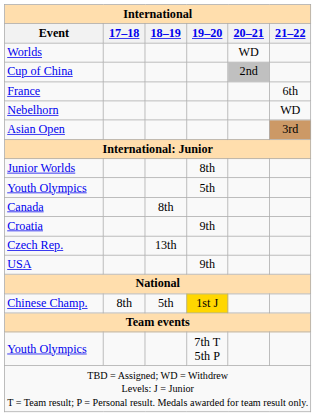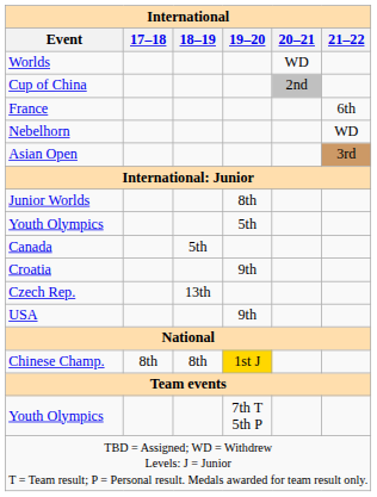 <table class="wikitable" style="text-align:center">
 <tr>
 <th style="background-color: #ffdead; " colspan=7 align=center>International</th>
 </tr>
 <tr>
 <th>Event</th>
 <th><a href='#'>17–18</a></th>
 <th><a href='#'>18–19</a></th>
 <th><a href='#'>19–20</a></th>
 <th><a href='#'>20–21</a></th>
 <th><a href='#'>21–22</a></th>
 </tr>
 <tr>
 <td align=left><a href='#'>Worlds</a></td>
 <td></td>
 <td></td>
 <td></td>
 <td>WD</td>
 <td></td>
 </tr>
 <tr>
 <td align=left> <a href='#'>Cup of China</a></td>
 <td></td>
 <td></td>
 <td></td>
 <td bgcolor=silver>2nd</td>
 <td></td>
 </tr>
 <tr>
 <td align=left> <a href='#'>France</a></td>
 <td></td>
 <td></td>
 <td></td>
 <td></td>
 <td>6th</td>
 </tr>
 <tr>
 <td align=left> <a href='#'>Nebelhorn</a></td>
 <td></td>
 <td></td>
 <td></td>
 <td></td>
 <td>WD</td>
 </tr>
 <tr>
 <td align=left> <a href='#'>Asian Open</a></td>
 <td></td>
 <td></td>
 <td></td>
 <td></td>
 <td bgcolor=cc9966>3rd</td>
 </tr>
 <tr>
 <th style="background-color: #ffdead; " colspan=7 align=center>International: Junior</th>
 </tr>
 <tr>
 <td align=left><a href='#'>Junior Worlds</a></td>
 <td></td>
 <td></td>
 <td>8th</td>
 <td></td>
 <td></td>
 </tr>
 <tr>
 <td align=left><a href='#'>Youth Olympics</a></td>
 <td></td>
 <td></td>
 <td>5th</td>
 <td></td>
 <td></td>
 </tr>
 <tr>
 <td align=left> <a href='#'>Canada</a></td>
 <td></td>
-<td>8th</td>
+<td>5th</td>
 <td></td>
 <td></td>
 <td></td>
 </tr>
 <tr>
 <td align=left> <a href='#'>Croatia</a></td>
 <td></td>
 <td></td>
 <td>9th</td>
 <td></td>
 <td></td>
 </tr>
 <tr>
 <td align=left> <a href='#'>Czech Rep.</a></td>
 <td></td>
 <td>13th</td>
 <td></td>
 <td></td>
 <td></td>
 </tr>
 <tr>
 <td align=left> <a href='#'>USA</a></td>
 <td></td>
 <td></td>
 <td>9th</td>
 <td></td>
 <td></td>
 </tr>
 <tr>
 <th style="background-color: #ffdead; " colspan=7 align=center>National</th>
 </tr>
 <tr>
 <td align=left><a href='#'>Chinese Champ.</a></td>
 <td>8th</td>
-<td>5th</td>
+<td>8th</td>
 <td bgcolor=gold>1st J</td>
 <td></td>
 <td></td>
 </tr>
 <tr>
 <th colspan=7 style="background-color: #ffdead; " align=center>Team events</th>
 </tr>
 <tr>
 <td align=left><a href='#'>Youth Olympics</a></td>
 <td></td>
 <td></td>
 <td>7th T<br>5th P</td>
 <td></td>
 <td></td>
 </tr>
 <tr>
 <td colspan=7 align=center><small>TBD = Assigned; WD = Withdrew <br> Levels: J = Junior <br> T = Team result; P = Personal result. Medals awarded for team result only. </small></td>
 </tr>
 </table>
